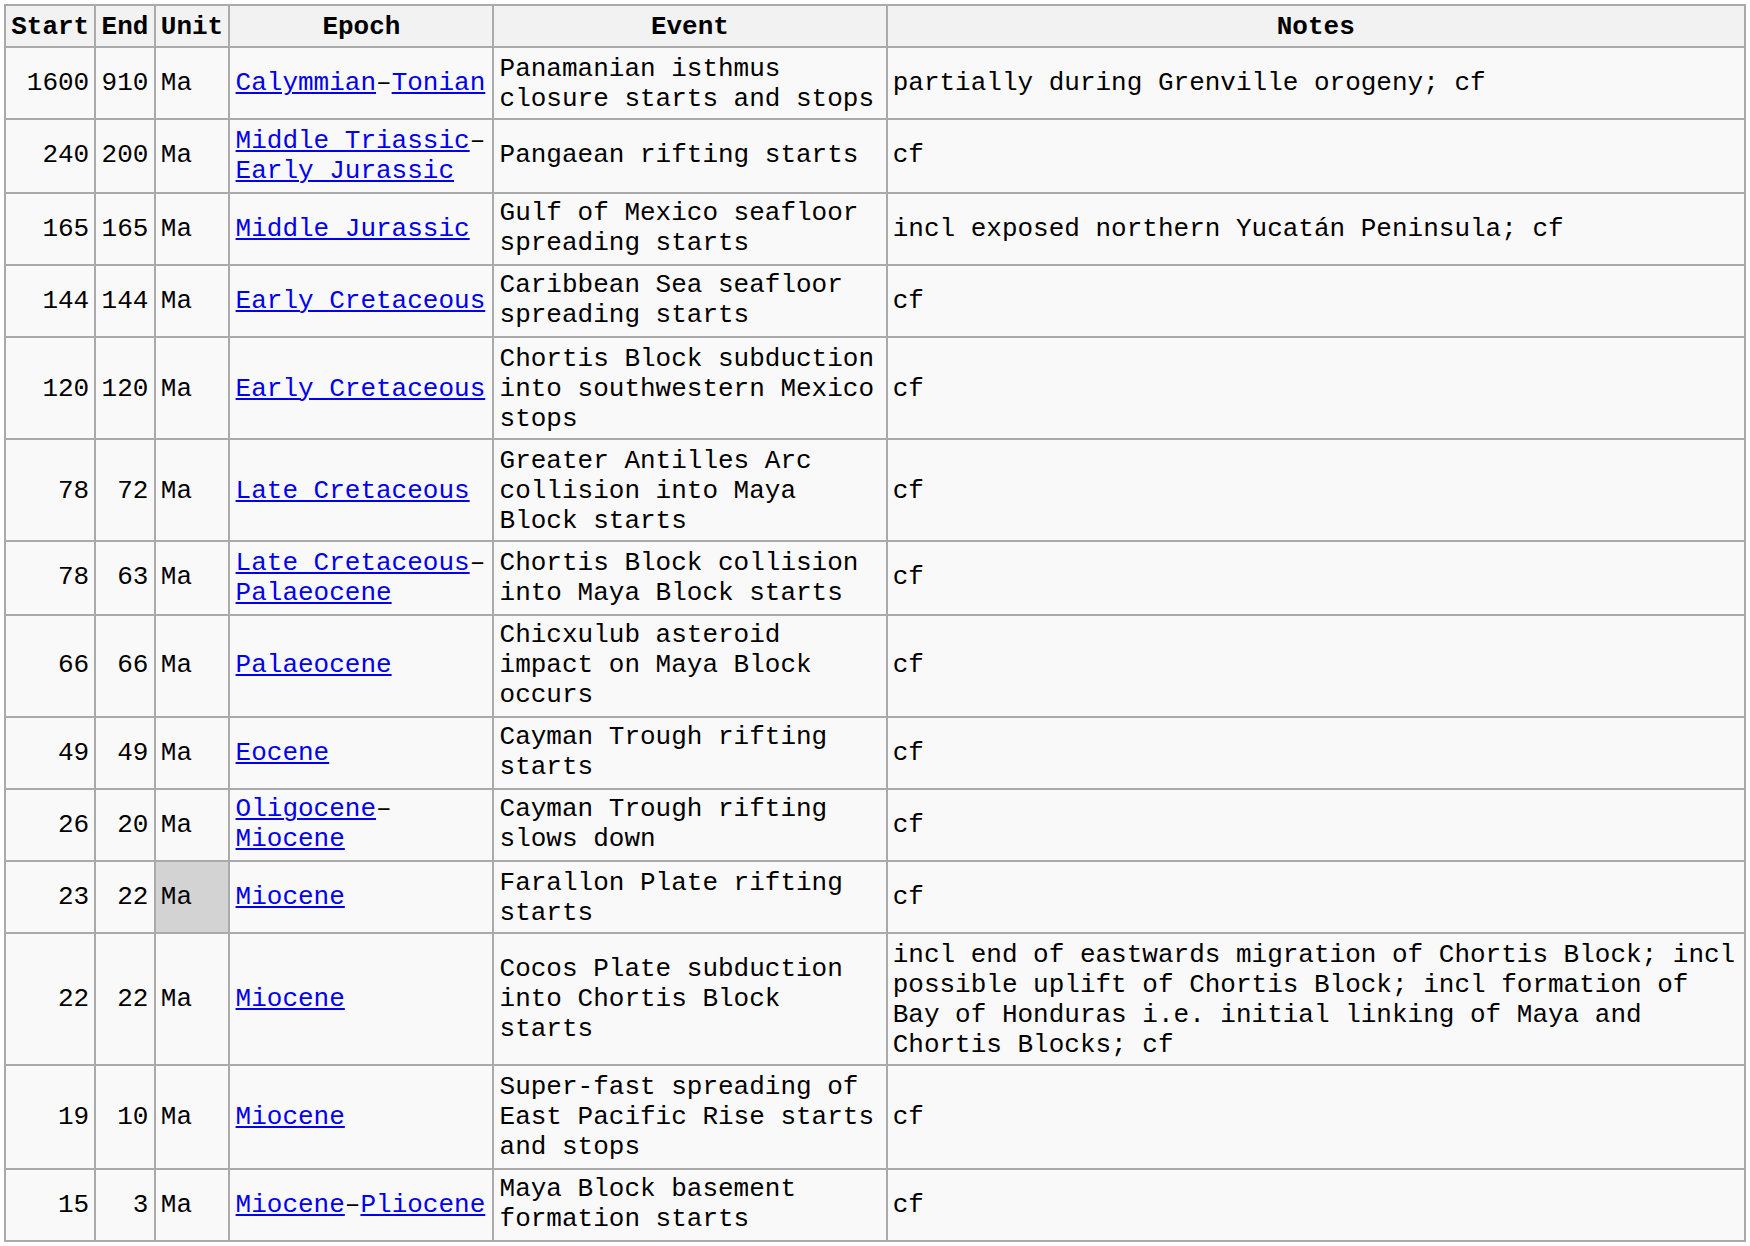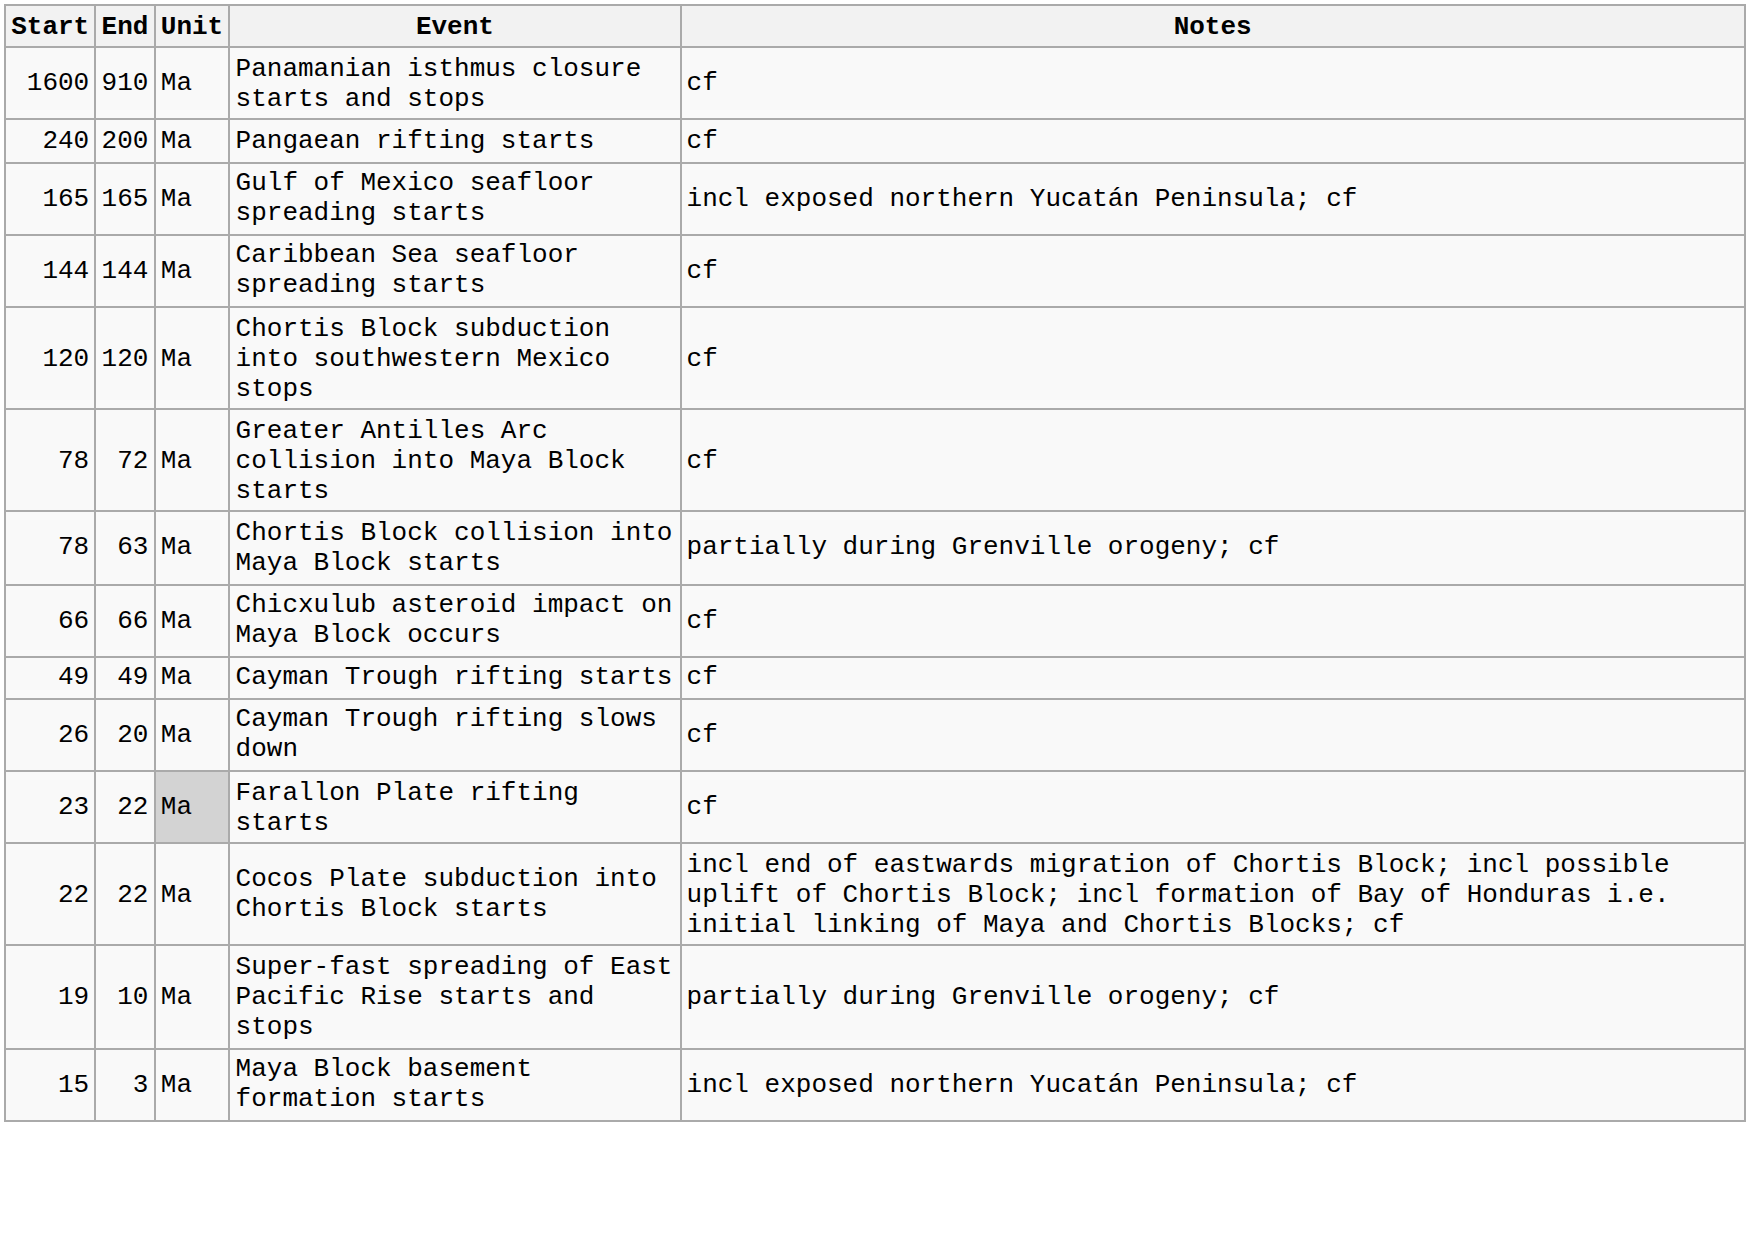 <table class="wikitable sortable static-row-numbers" style="text-align:left;">
 <tr>
 <th>Start</th>
 <th>End</th>
 <th class=unsortable>Unit</th>
-<th>Epoch</th>
 <th class=unsortable>Event</th>
 <th class=unsortable>Notes</th>
 </tr>
 <tr>
 <td style="text-align: right;">1600</td>
 <td style="text-align: right;">910</td>
 <td>Ma</td>
-<td><a href='#'>Calymmian</a>–<a href='#'>Tonian</a></td>
 <td>Panamanian isthmus closure starts and stops</td>
-<td>partially during Grenville orogeny; cf</td>
+<td>cf</td>
 </tr>
 <tr>
 <td style="text-align: right;">240</td>
 <td style="text-align: right;">200</td>
 <td>Ma</td>
-<td><a href='#'>Middle Triassic</a>–<a href='#'>Early Jurassic</a></td>
 <td>Pangaean rifting starts</td>
 <td>cf</td>
 </tr>
 <tr>
 <td style="text-align: right;">165</td>
 <td style="text-align: right;">165</td>
 <td>Ma</td>
-<td><a href='#'>Middle Jurassic</a></td>
 <td>Gulf of Mexico seafloor spreading starts</td>
 <td>incl exposed northern Yucatán Peninsula; cf</td>
 </tr>
 <tr>
 <td style="text-align: right;">144</td>
 <td style="text-align: right;">144</td>
 <td>Ma</td>
-<td><a href='#'>Early Cretaceous</a></td>
 <td>Caribbean Sea seafloor spreading starts</td>
 <td>cf</td>
 </tr>
 <tr>
 <td style="text-align: right;">120</td>
 <td style="text-align: right;">120</td>
 <td>Ma</td>
-<td><a href='#'>Early Cretaceous</a></td>
 <td>Chortis Block subduction into southwestern Mexico stops</td>
 <td>cf</td>
 </tr>
 <tr>
 <td style="text-align: right;">78</td>
 <td style="text-align: right;">72</td>
 <td>Ma</td>
-<td><a href='#'>Late Cretaceous</a></td>
 <td>Greater Antilles Arc collision into Maya Block starts</td>
 <td>cf</td>
 </tr>
 <tr>
 <td style="text-align: right;">78</td>
 <td style="text-align: right;">63</td>
 <td>Ma</td>
-<td><a href='#'>Late Cretaceous</a>–<a href='#'>Palaeocene</a></td>
 <td>Chortis Block collision into Maya Block starts</td>
-<td>cf</td>
+<td>partially during Grenville orogeny; cf</td>
 </tr>
 <tr>
 <td style="text-align: right;">66</td>
 <td style="text-align: right;">66</td>
 <td>Ma</td>
-<td><a href='#'>Palaeocene</a></td>
 <td>Chicxulub asteroid impact on Maya Block occurs</td>
 <td>cf</td>
 </tr>
 <tr>
 <td style="text-align: right;">49</td>
 <td style="text-align: right;">49</td>
 <td>Ma</td>
-<td><a href='#'>Eocene</a></td>
 <td>Cayman Trough rifting starts</td>
 <td>cf</td>
 </tr>
 <tr>
 <td style="text-align: right;">26</td>
 <td style="text-align: right;">20</td>
 <td>Ma</td>
-<td><a href='#'>Oligocene</a>–<a href='#'>Miocene</a></td>
 <td>Cayman Trough rifting slows down</td>
 <td>cf</td>
 </tr>
 <tr>
 <td style="text-align: right;">23</td>
 <td style="text-align: right;">22</td>
 <td style="background: lightgrey;">Ma</td>
-<td><a href='#'>Miocene</a></td>
 <td>Farallon Plate rifting starts</td>
 <td>cf</td>
 </tr>
 <tr>
 <td style="text-align: right;">22</td>
 <td style="text-align: right;">22</td>
 <td>Ma</td>
-<td><a href='#'>Miocene</a></td>
 <td>Cocos Plate subduction into Chortis Block starts</td>
 <td>incl end of eastwards migration of Chortis Block; incl possible uplift of Chortis Block; incl formation of Bay of Honduras i.e. initial linking of Maya and Chortis Blocks; cf</td>
 </tr>
 <tr>
 <td style="text-align: right;">19</td>
 <td style="text-align: right;">10</td>
 <td>Ma</td>
-<td><a href='#'>Miocene</a></td>
 <td>Super-fast spreading of East Pacific Rise starts and stops</td>
-<td>cf</td>
+<td>partially during Grenville orogeny; cf</td>
 </tr>
 <tr>
 <td style="text-align: right;">15</td>
 <td style="text-align: right;">3</td>
 <td>Ma</td>
-<td><a href='#'>Miocene</a>–<a href='#'>Pliocene</a></td>
 <td>Maya Block basement formation starts</td>
-<td>cf</td>
+<td>incl exposed northern Yucatán Peninsula; cf</td>
 </tr>
 </table>
